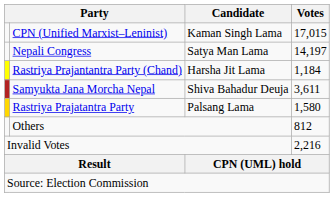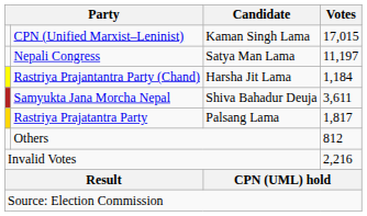 <table class="wikitable">
 <tr>
 <th colspan="2">Party</th>
 <th>Candidate</th>
 <th>Votes</th>
 </tr>
 <tr>
 <td style="background-color:"></td>
 <td><a href='#'>CPN (Unified Marxist–Leninist)</a></td>
 <td>Kaman Singh Lama</td>
 <td>17,015</td>
 </tr>
 <tr>
 <td style="background-color:"></td>
 <td><a href='#'>Nepali Congress</a></td>
 <td>Satya Man Lama</td>
-<td>14,197</td>
+<td>11,197</td>
 </tr>
 <tr>
 <td style="background-color:yellow"></td>
 <td><a href='#'>Rastriya Prajantantra Party (Chand)</a></td>
 <td>Harsha Jit Lama</td>
 <td>1,184</td>
 </tr>
 <tr>
 <td style="background-color:firebrick"></td>
 <td><a href='#'>Samyukta Jana Morcha Nepal</a></td>
 <td>Shiva Bahadur Deuja</td>
 <td>3,611</td>
 </tr>
 <tr>
 <td style="background-color:gold"></td>
 <td><a href='#'>Rastriya Prajatantra Party</a></td>
 <td>Palsang Lama</td>
-<td>1,580</td>
+<td>1,817</td>
 </tr>
 <tr>
 <td></td>
 <td colspan="2">Others</td>
 <td>812</td>
 </tr>
 <tr>
 <td colspan="3">Invalid Votes</td>
 <td>2,216</td>
 </tr>
 <tr>
 <th colspan="2">Result</th>
 <th colspan="2">CPN (UML) hold</th>
 </tr>
 <tr>
 <td colspan="4">Source: Election Commission</td>
 </tr>
 </table>
